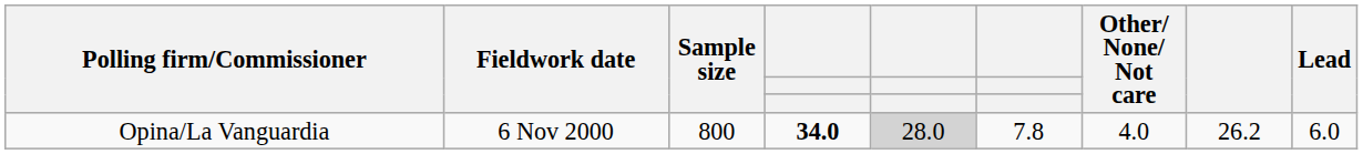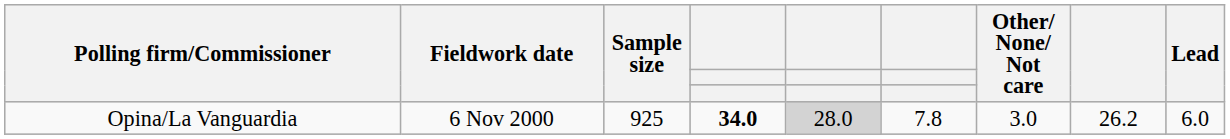 <table class="wikitable collapsible collapsed" style="text-align:center; font-size:90%; line-height:14px;">
 <tr style="height:42px;">
 <th style="width:250px;" rowspan="3">Polling firm/Commissioner</th>
 <th style="width:125px;" rowspan="3">Fieldwork date</th>
 <th style="width:50px;" rowspan="3">Sample size</th>
 <th style="width:55px;"></th>
 <th style="width:55px;"></th>
 <th style="width:55px;"></th>
 <th style="width:55px;" rowspan="3">Other/<br>None/<br>Not<br>care</th>
 <th style="width:55px;" rowspan="3"></th>
 <th style="width:30px;" rowspan="3">Lead</th>
 </tr>
 <tr>
 <th style="color:inherit;background:"></th>
 <th style="color:inherit;background:"></th>
 <th style="color:inherit;background:"></th>
 </tr>
 <tr>
 <th></th>
 <th></th>
 <th></th>
 </tr>
 <tr>
 <td>Opina/La Vanguardia</td>
 <td>6 Nov 2000</td>
-<td>800</td>
+<td>925</td>
 <td><strong>34.0</strong></td>
 <td style="background: lightgrey;">28.0</td>
 <td>7.8</td>
-<td>4.0</td>
+<td>3.0</td>
 <td>26.2</td>
 <td style="background:">6.0</td>
 </tr>
 </table>
